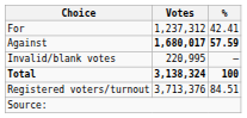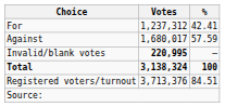 <table class=wikitable style=text-align:right>
 <tr>
 <th>Choice</th>
 <th>Votes</th>
 <th>%</th>
 </tr>
 <tr>
 <td align=left>For</td>
 <td>1,237,312</td>
 <td>42.41</td>
 </tr>
 <tr>
 <td align=left>Against</td>
-<td><strong>1,680,017</strong></td>
-<td><strong>57.59</strong></td>
+<td>1,680,017</td>
+<td>57.59</td>
 </tr>
 <tr>
 <td align=left>Invalid/blank votes</td>
-<td>220,995</td>
+<td><strong>220,995</strong></td>
 <td>–</td>
 </tr>
 <tr>
 <td align=left><strong>Total</strong></td>
 <td><strong>3,138,324</strong></td>
 <td><strong>100</strong></td>
 </tr>
 <tr>
 <td align=left>Registered voters/turnout</td>
 <td>3,713,376</td>
 <td>84.51</td>
 </tr>
 <tr>
 <td align=left colspan=3>Source: </td>
 </tr>
 </table>
